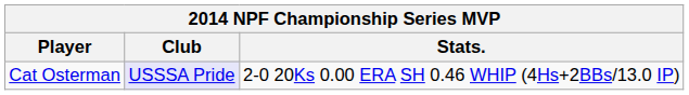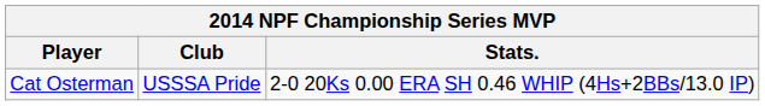 <table class="wikitable">
 <tr>
 <th colspan=3>2014 NPF Championship Series MVP</th>
 </tr>
 <tr>
 <th>Player</th>
 <th>Club</th>
 <th>Stats.</th>
 </tr>
 <tr>
 <td><a href='#'>Cat Osterman</a></td>
-<td style="background: lavender;"><a href='#'>USSSA Pride</a></td>
+<td><a href='#'>USSSA Pride</a></td>
 <td>2-0 20<a href='#'>Ks</a> 0.00 <a href='#'>ERA</a> <a href='#'>SH</a> 0.46 <a href='#'>WHIP</a> (4<a href='#'>Hs</a>+2<a href='#'>BBs</a>/13.0 <a href='#'>IP</a>)</td>
 </tr>
 </table>
